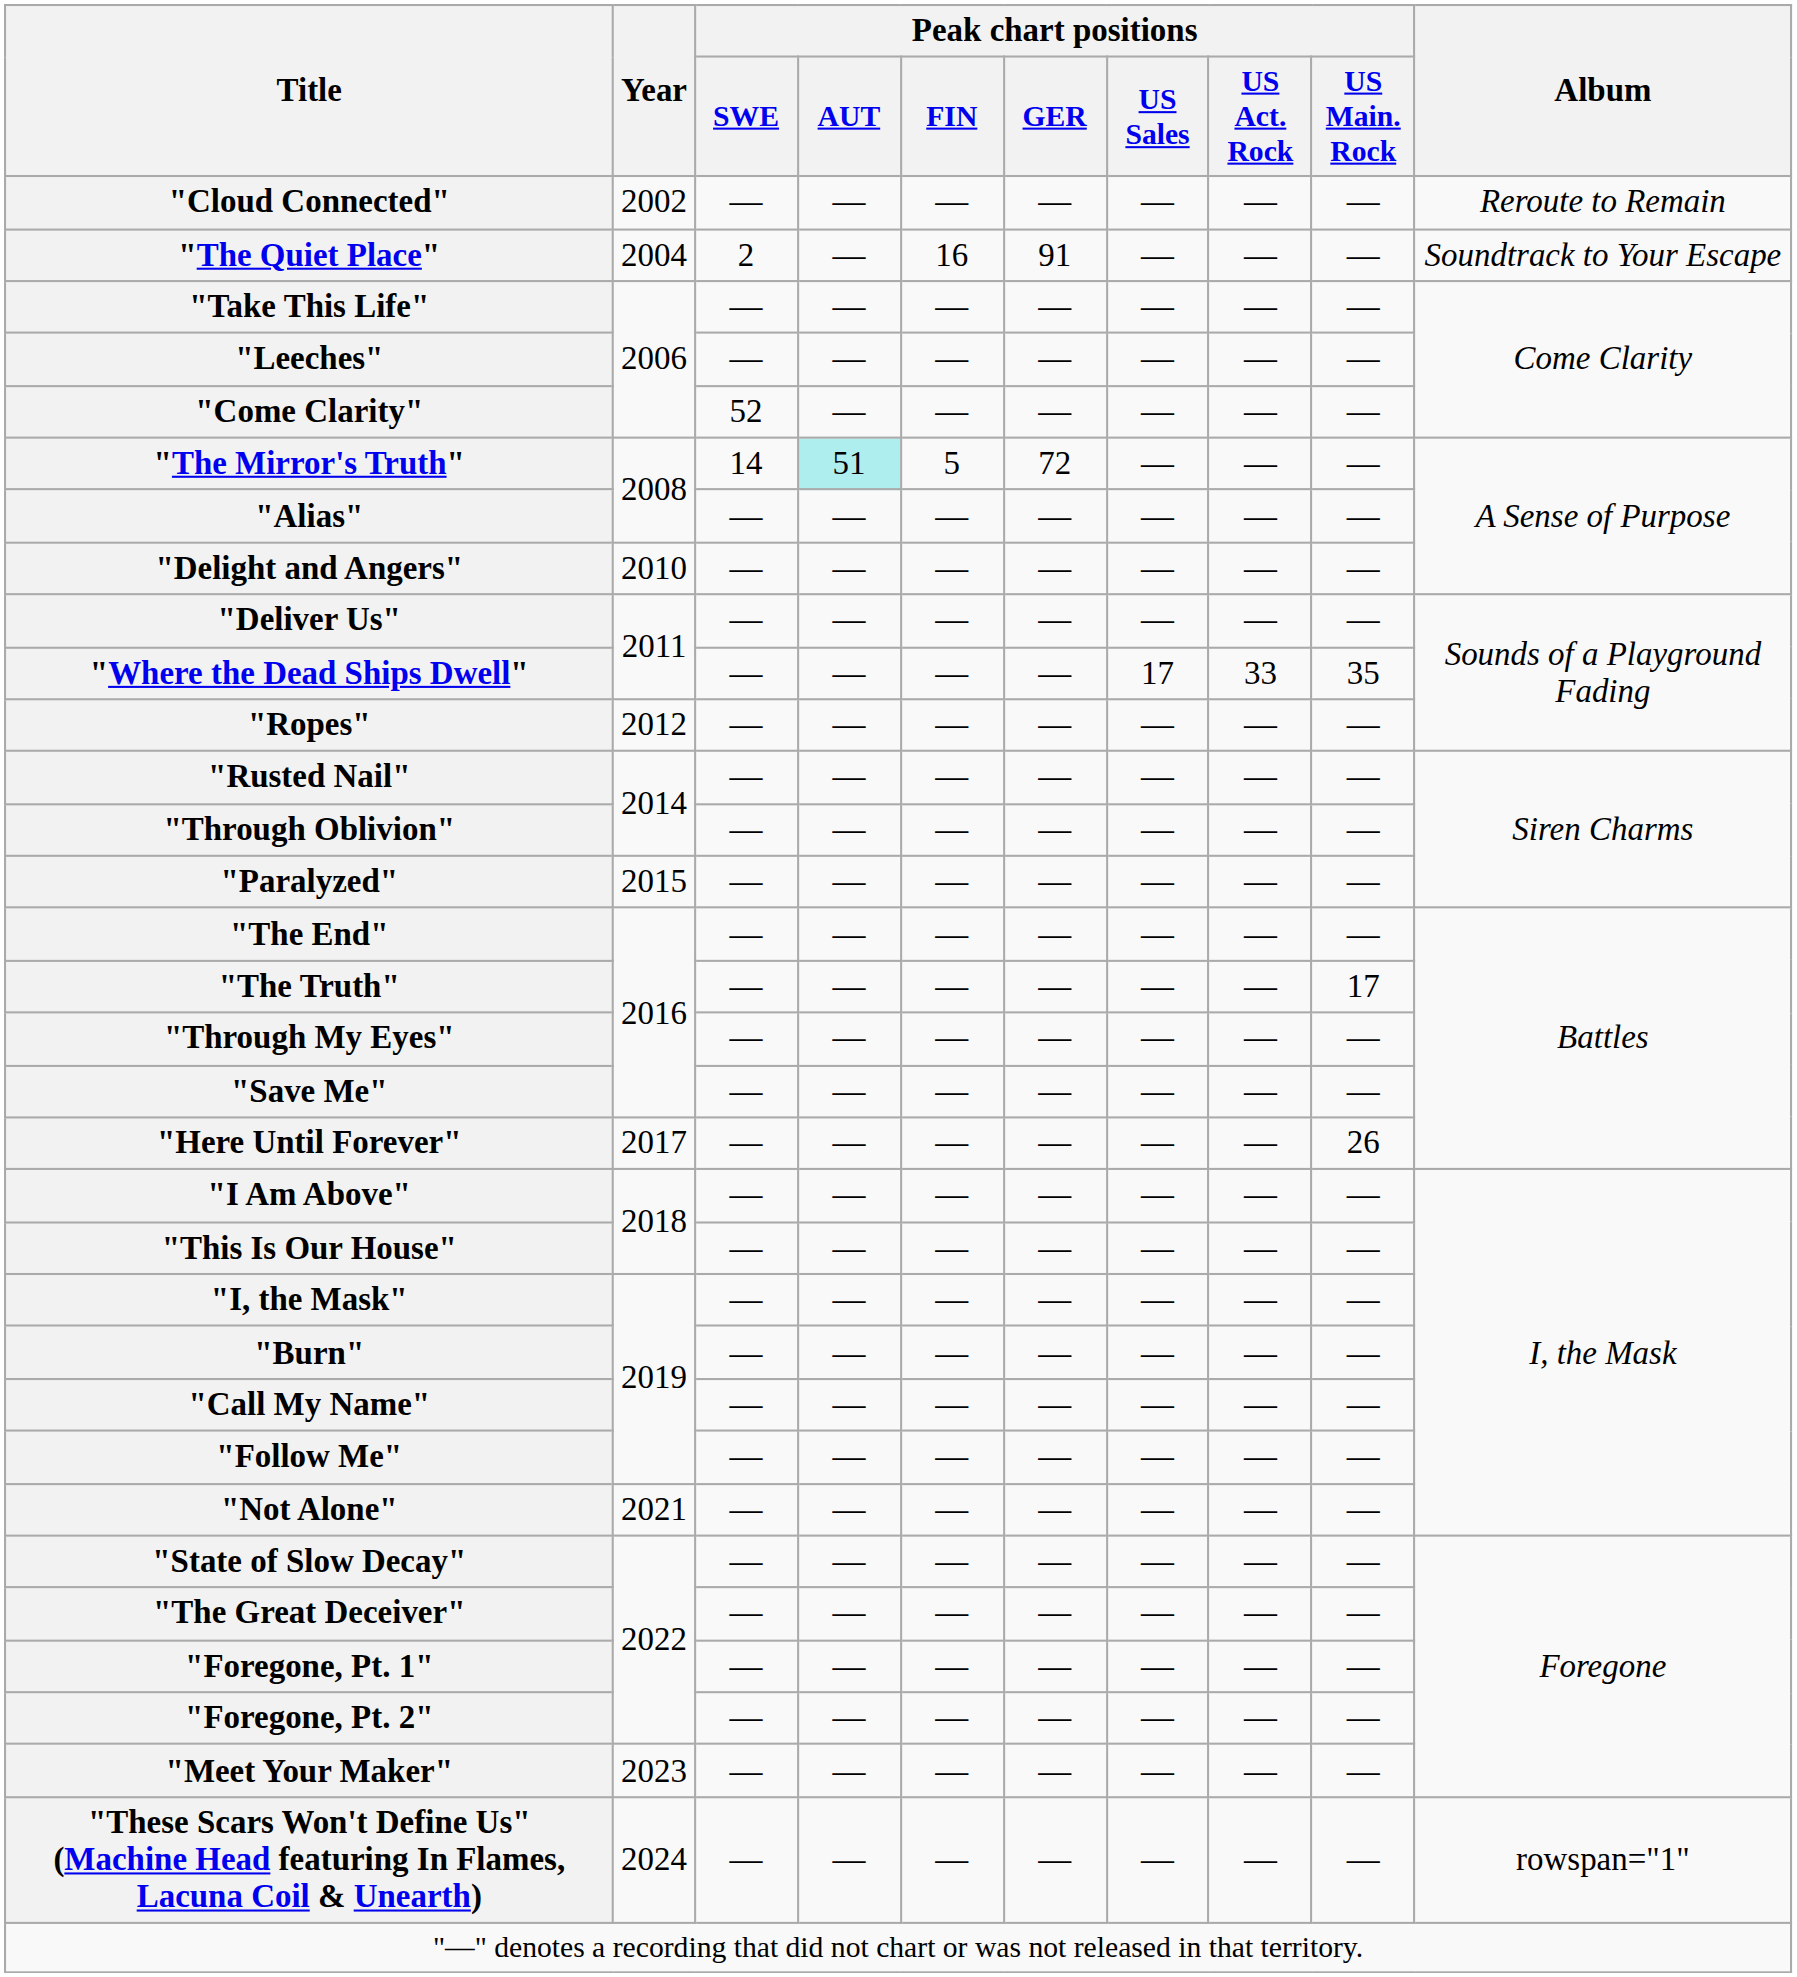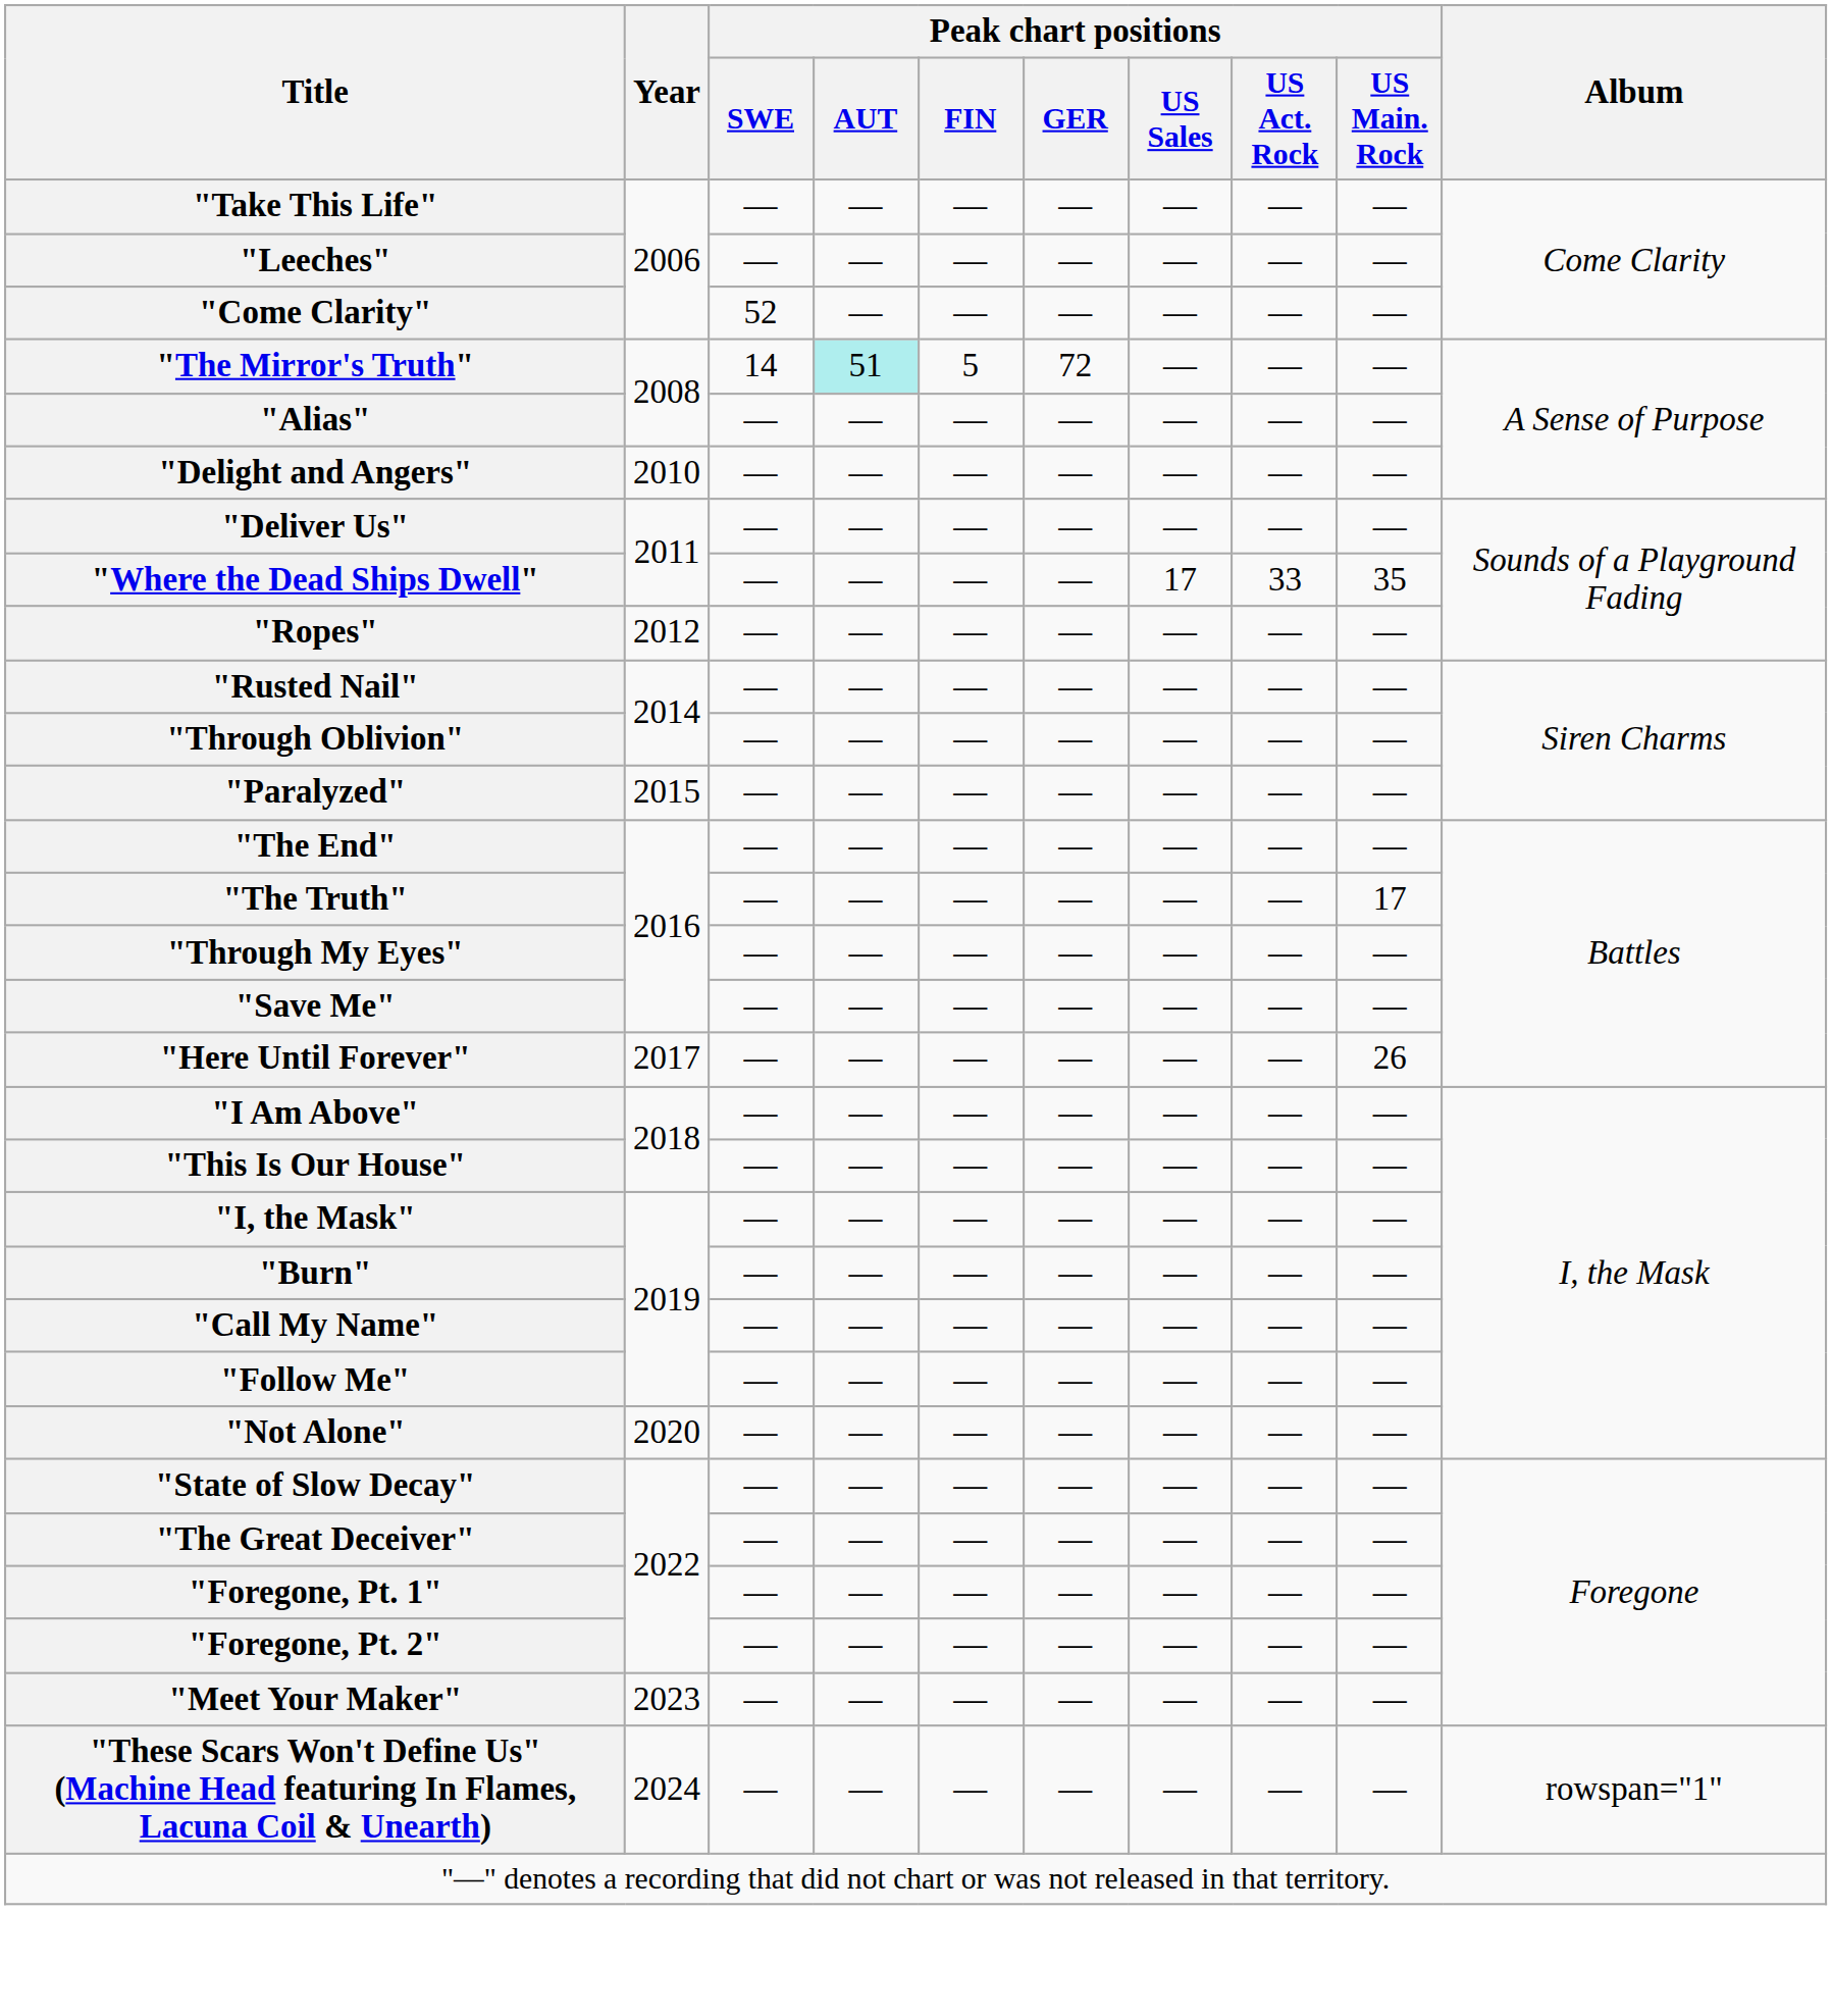 <table class="wikitable plainrowheaders" style="text-align:center;">
 <tr>
 <th scope="col" rowspan="2" style="width:18em;">Title</th>
 <th scope="col" rowspan="2">Year</th>
 <th scope="col" colspan="7">Peak chart positions</th>
 <th scope="col" rowspan="2">Album</th>
 </tr>
 <tr>
 <th scope="col" style="width:3em;font-size:90%;"><a href='#'>SWE</a><br></th>
 <th scope="col" style="width:3em;font-size:90%;"><a href='#'>AUT</a><br></th>
 <th scope="col" style="width:3em;font-size:90%;"><a href='#'>FIN</a><br></th>
 <th scope="col" style="width:3em;font-size:90%;"><a href='#'>GER</a><br></th>
 <th scope="col" style="width:3em;font-size:90%;"><a href='#'>US<br>Sales</a><br></th>
 <th scope="col" style="width:3em;font-size:90%;"><a href='#'>US<br>Act.<br>Rock</a><br></th>
 <th scope="col" style="width:3em;font-size:90%;"><a href='#'>US<br>Main.<br>Rock</a><br></th>
-</tr>
-<tr>
-<th scope="row">"Cloud Connected"</th>
-<td>2002</td>
-<td>—</td>
-<td>—</td>
-<td>—</td>
-<td>—</td>
-<td>—</td>
-<td>—</td>
-<td>—</td>
-<td><em>Reroute to Remain</em></td>
-</tr>
-<tr>
-<th scope="row">"<a href='#'>The Quiet Place</a>"</th>
-<td>2004</td>
-<td>2</td>
-<td>—</td>
-<td>16</td>
-<td>91</td>
-<td>—</td>
-<td>—</td>
-<td>—</td>
-<td><em>Soundtrack to Your Escape</em></td>
 </tr>
 <tr>
 <th scope="row">"Take This Life"</th>
 <td rowspan="3">2006</td>
 <td>—</td>
 <td>—</td>
 <td>—</td>
 <td>—</td>
 <td>—</td>
 <td>—</td>
 <td>—</td>
 <td rowspan="3"><em>Come Clarity</em></td>
 </tr>
 <tr>
 <th scope="row">"Leeches"</th>
 <td>—</td>
 <td>—</td>
 <td>—</td>
 <td>—</td>
 <td>—</td>
 <td>—</td>
 <td>—</td>
 </tr>
 <tr>
 <th scope="row">"Come Clarity"</th>
 <td>52</td>
 <td>—</td>
 <td>—</td>
 <td>—</td>
 <td>—</td>
 <td>—</td>
 <td>—</td>
 </tr>
 <tr>
 <th scope="row">"<a href='#'>The Mirror's Truth</a>"</th>
 <td rowspan="2">2008</td>
 <td>14</td>
 <td style="background: paleturquoise;">51</td>
 <td>5</td>
 <td>72</td>
 <td>—</td>
 <td>—</td>
 <td>—</td>
 <td rowspan="3"><em>A Sense of Purpose</em></td>
 </tr>
 <tr>
 <th scope="row">"Alias"</th>
 <td>—</td>
 <td>—</td>
 <td>—</td>
 <td>—</td>
 <td>—</td>
 <td>—</td>
 <td>—</td>
 </tr>
 <tr>
 <th scope="row">"Delight and Angers"</th>
 <td>2010</td>
 <td>—</td>
 <td>—</td>
 <td>—</td>
 <td>—</td>
 <td>—</td>
 <td>—</td>
 <td>—</td>
 </tr>
 <tr>
 <th scope="row">"Deliver Us"</th>
 <td rowspan="2">2011</td>
 <td>—</td>
 <td>—</td>
 <td>—</td>
 <td>—</td>
 <td>—</td>
 <td>—</td>
 <td>—</td>
 <td rowspan="3"><em>Sounds of a Playground Fading</em></td>
 </tr>
 <tr>
 <th scope="row">"<a href='#'>Where the Dead Ships Dwell</a>"</th>
 <td>—</td>
 <td>—</td>
 <td>—</td>
 <td>—</td>
 <td>17</td>
 <td>33</td>
 <td>35</td>
 </tr>
 <tr>
 <th scope="row">"Ropes"</th>
 <td>2012</td>
 <td>—</td>
 <td>—</td>
 <td>—</td>
 <td>—</td>
 <td>—</td>
 <td>—</td>
 <td>—</td>
 </tr>
 <tr>
 <th scope="row">"Rusted Nail"</th>
 <td rowspan="2">2014</td>
 <td>—</td>
 <td>—</td>
 <td>—</td>
 <td>—</td>
 <td>—</td>
 <td>—</td>
 <td>—</td>
 <td rowspan="3"><em>Siren Charms</em></td>
 </tr>
 <tr>
 <th scope="row">"Through Oblivion"</th>
 <td>—</td>
 <td>—</td>
 <td>—</td>
 <td>—</td>
 <td>—</td>
 <td>—</td>
 <td>—</td>
 </tr>
 <tr>
 <th scope="row">"Paralyzed"</th>
 <td>2015</td>
 <td>—</td>
 <td>—</td>
 <td>—</td>
 <td>—</td>
 <td>—</td>
 <td>—</td>
 <td>—</td>
 </tr>
 <tr>
 <th scope="row">"The End"</th>
 <td rowspan="4">2016</td>
 <td>—</td>
 <td>—</td>
 <td>—</td>
 <td>—</td>
 <td>—</td>
 <td>—</td>
 <td>—</td>
 <td rowspan="5"><em>Battles</em></td>
 </tr>
 <tr>
 <th scope="row">"The Truth"</th>
 <td>—</td>
 <td>—</td>
 <td>—</td>
 <td>—</td>
 <td>—</td>
 <td>—</td>
 <td>17</td>
 </tr>
 <tr>
 <th scope="row">"Through My Eyes"</th>
 <td>—</td>
 <td>—</td>
 <td>—</td>
 <td>—</td>
 <td>—</td>
 <td>—</td>
 <td>—</td>
 </tr>
 <tr>
 <th scope="row">"Save Me"</th>
 <td>—</td>
 <td>—</td>
 <td>—</td>
 <td>—</td>
 <td>—</td>
 <td>—</td>
 <td>—</td>
 </tr>
 <tr>
 <th scope="row">"Here Until Forever"</th>
 <td>2017</td>
 <td>—</td>
 <td>—</td>
 <td>—</td>
 <td>—</td>
 <td>—</td>
 <td>—</td>
 <td>26</td>
 </tr>
 <tr>
 <th scope="row">"I Am Above"</th>
 <td rowspan="2">2018</td>
 <td>—</td>
 <td>—</td>
 <td>—</td>
 <td>—</td>
 <td>—</td>
 <td>—</td>
 <td>—</td>
 <td rowspan="7"><em>I, the Mask</em></td>
 </tr>
 <tr>
 <th scope="row">"This Is Our House"</th>
 <td>—</td>
 <td>—</td>
 <td>—</td>
 <td>—</td>
 <td>—</td>
 <td>—</td>
 <td>—</td>
 </tr>
 <tr>
 <th scope="row">"I, the Mask"</th>
 <td rowspan="4">2019</td>
 <td>—</td>
 <td>—</td>
 <td>—</td>
 <td>—</td>
 <td>—</td>
 <td>—</td>
 <td>—</td>
 </tr>
 <tr>
 <th scope="row">"Burn"</th>
 <td>—</td>
 <td>—</td>
 <td>—</td>
 <td>—</td>
 <td>—</td>
 <td>—</td>
 <td>—</td>
 </tr>
 <tr>
 <th scope="row">"Call My Name"</th>
 <td>—</td>
 <td>—</td>
 <td>—</td>
 <td>—</td>
 <td>—</td>
 <td>—</td>
 <td>—</td>
 </tr>
 <tr>
 <th scope="row">"Follow Me"</th>
 <td>—</td>
 <td>—</td>
 <td>—</td>
 <td>—</td>
 <td>—</td>
 <td>—</td>
 <td>—</td>
 </tr>
 <tr>
 <th scope="row">"Not Alone"</th>
-<td>2021</td>
+<td>2020</td>
 <td>—</td>
 <td>—</td>
 <td>—</td>
 <td>—</td>
 <td>—</td>
 <td>—</td>
 <td>—</td>
 </tr>
 <tr>
 <th scope="row">"State of Slow Decay"</th>
 <td rowspan="4">2022</td>
 <td>—</td>
 <td>—</td>
 <td>—</td>
 <td>—</td>
 <td>—</td>
 <td>—</td>
 <td>—</td>
 <td rowspan="5"><em>Foregone</em></td>
 </tr>
 <tr>
 <th scope="row">"The Great Deceiver"</th>
 <td>—</td>
 <td>—</td>
 <td>—</td>
 <td>—</td>
 <td>—</td>
 <td>—</td>
 <td>—</td>
 </tr>
 <tr>
 <th scope="row">"Foregone, Pt. 1"</th>
 <td>—</td>
 <td>—</td>
 <td>—</td>
 <td>—</td>
 <td>—</td>
 <td>—</td>
 <td>—</td>
 </tr>
 <tr>
 <th scope="row">"Foregone, Pt. 2"</th>
 <td>—</td>
 <td>—</td>
 <td>—</td>
 <td>—</td>
 <td>—</td>
 <td>—</td>
 <td>—</td>
 </tr>
 <tr>
 <th scope="row">"Meet Your Maker"</th>
 <td>2023</td>
 <td>—</td>
 <td>—</td>
 <td>—</td>
 <td>—</td>
 <td>—</td>
 <td>—</td>
 <td>—</td>
 </tr>
 <tr>
 <th scope="row">"These Scars Won't Define Us"<br><span>(<a href='#'>Machine Head</a> featuring In Flames, <a href='#'>Lacuna Coil</a> & <a href='#'>Unearth</a>)</span></th>
 <td>2024</td>
 <td>—</td>
 <td>—</td>
 <td>—</td>
 <td>—</td>
 <td>—</td>
 <td>—</td>
 <td>—</td>
 <td>rowspan="1" </td>
 </tr>
 <tr>
 <td colspan="10" style="font-size:90%">"—" denotes a recording that did not chart or was not released in that territory.</td>
 </tr>
 </table>
